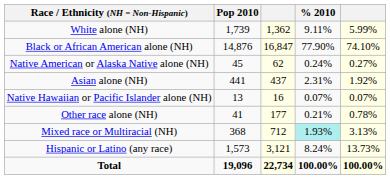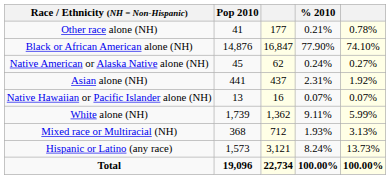 <table class="wikitable" style="text-align:center;">
 <tr>
 <th>Race / Ethnicity <small>(<em>NH = Non-Hispanic</em>)</small></th>
 <th>Pop 2010</th>
 <th></th>
 <th>% 2010</th>
 <th></th>
 </tr>
 <tr>
-<td><a href='#'>White</a> alone (NH)</td>
-<td>1,739</td>
-<td style='background: #ffffe6;'>1,362</td>
-<td>9.11%</td>
-<td style='background: #ffffe6;'>5.99%</td>
+<td><a href='#'>Other race</a> alone (NH)</td>
+<td>41</td>
+<td style='background: #ffffe6;'>177</td>
+<td>0.21%</td>
+<td style='background: #ffffe6;'>0.78%</td>
 </tr>
 <tr>
 <td><a href='#'>Black or African American</a> alone (NH)</td>
 <td>14,876</td>
 <td style='background: #ffffe6;'>16,847</td>
 <td>77.90%</td>
 <td style='background: #ffffe6;'>74.10%</td>
 </tr>
 <tr>
 <td><a href='#'>Native American</a> or <a href='#'>Alaska Native</a> alone (NH)</td>
 <td>45</td>
 <td style='background: #ffffe6;'>62</td>
 <td>0.24%</td>
 <td style='background: #ffffe6;'>0.27%</td>
 </tr>
 <tr>
 <td><a href='#'>Asian</a> alone (NH)</td>
 <td>441</td>
 <td style='background: #ffffe6;'>437</td>
 <td>2.31%</td>
 <td style='background: #ffffe6;'>1.92%</td>
 </tr>
 <tr>
 <td><a href='#'>Native Hawaiian</a> or <a href='#'>Pacific Islander</a> alone (NH)</td>
 <td>13</td>
 <td style='background: #ffffe6;'>16</td>
 <td>0.07%</td>
 <td style='background: #ffffe6;'>0.07%</td>
 </tr>
 <tr>
-<td><a href='#'>Other race</a> alone (NH)</td>
-<td>41</td>
-<td style='background: #ffffe6;'>177</td>
-<td>0.21%</td>
-<td style='background: #ffffe6;'>0.78%</td>
+<td><a href='#'>White</a> alone (NH)</td>
+<td>1,739</td>
+<td style='background: #ffffe6;'>1,362</td>
+<td>9.11%</td>
+<td style='background: #ffffe6;'>5.99%</td>
 </tr>
 <tr>
 <td><a href='#'>Mixed race or Multiracial</a> (NH)</td>
 <td>368</td>
 <td style='background: #ffffe6;'>712</td>
-<td style="background: paleturquoise;">1.93%</td>
+<td>1.93%</td>
 <td style='background: #ffffe6;'>3.13%</td>
 </tr>
 <tr>
 <td><a href='#'>Hispanic or Latino</a> (any race)</td>
 <td>1,573</td>
 <td style='background: #ffffe6;'>3,121</td>
 <td>8.24%</td>
 <td style='background: #ffffe6;'>13.73%</td>
 </tr>
 <tr>
 <td><strong>Total</strong></td>
 <td><strong>19,096</strong></td>
 <td style='background: #ffffe6;'><strong>22,734</strong></td>
 <td><strong>100.00%</strong></td>
 <td style='background: #ffffe6;'><strong>100.00%</strong></td>
 </tr>
 </table>
